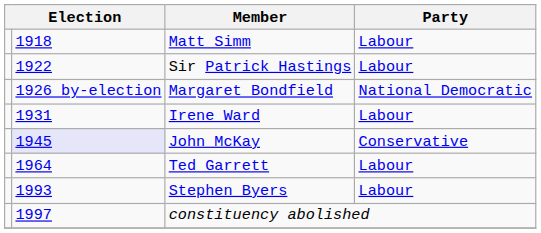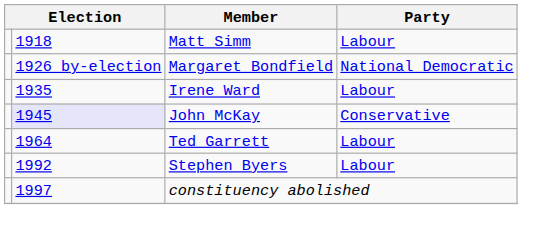 <table class="wikitable">
 <tr>
 <th colspan="2">Election</th>
 <th>Member</th>
 <th>Party</th>
 </tr>
 <tr>
 <td style="color:inherit;background-color: "></td>
 <td><a href='#'>1918</a></td>
 <td><a href='#'>Matt Simm</a></td>
 <td><a href='#'>Labour</a></td>
 </tr>
 <tr>
 <td style="color:inherit;background-color: "></td>
-<td><a href='#'>1922</a></td>
-<td>Sir <a href='#'>Patrick Hastings</a></td>
-<td><a href='#'>Labour</a></td>
-</tr>
-<tr>
-<td style="color:inherit;background-color: "></td>
 <td><a href='#'>1926 by-election</a></td>
 <td><a href='#'>Margaret Bondfield</a></td>
 <td><a href='#'>National Democratic</a></td>
 </tr>
 <tr>
 <td style="color:inherit;background-color: "></td>
-<td><a href='#'>1931</a></td>
+<td><a href='#'>1935</a></td>
 <td><a href='#'>Irene Ward</a></td>
 <td><a href='#'>Labour</a></td>
 </tr>
 <tr>
 <td style="color:inherit;background-color: "></td>
 <td style="background: lavender;"><a href='#'>1945</a></td>
 <td><a href='#'>John McKay</a></td>
 <td><a href='#'>Conservative</a></td>
 </tr>
 <tr>
 <td style="color:inherit;background-color: "></td>
 <td><a href='#'>1964</a></td>
 <td><a href='#'>Ted Garrett</a></td>
 <td><a href='#'>Labour</a></td>
 </tr>
 <tr>
 <td style="color:inherit;background-color: "></td>
-<td><a href='#'>1993</a></td>
+<td><a href='#'>1992</a></td>
 <td><a href='#'>Stephen Byers</a></td>
 <td><a href='#'>Labour</a></td>
 </tr>
 <tr>
 <td></td>
 <td><a href='#'>1997</a></td>
 <td colspan="2"><em>constituency abolished</em></td>
 </tr>
 <tr>
 </tr>
 </table>
